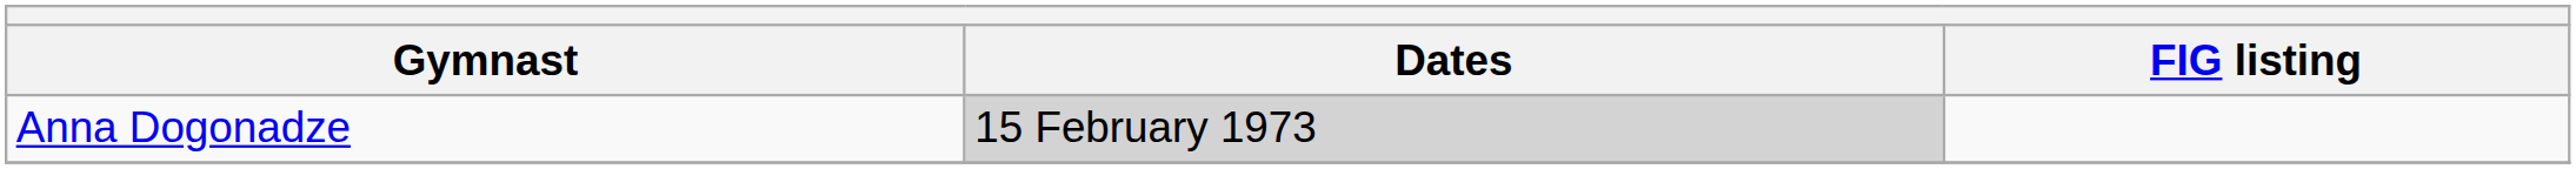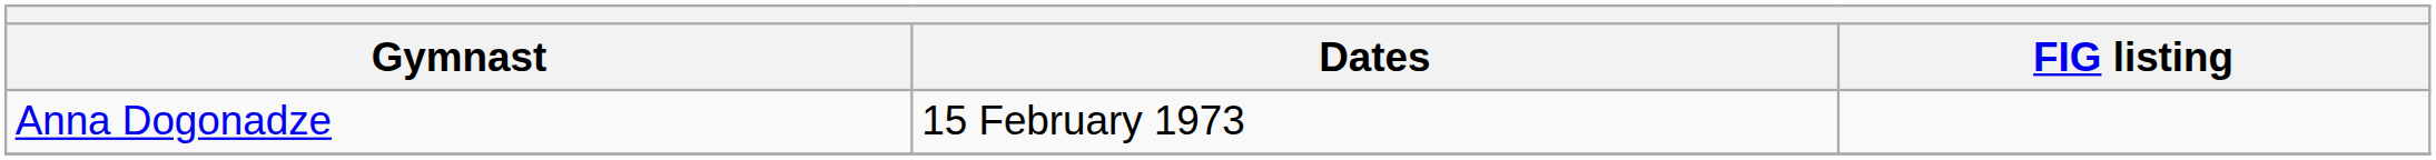 <table class="wikitable mw-collapsible mw-collapsed" width="75%">
 <tr>
 <th colspan="3"></th>
 </tr>
 <tr>
 <th>Gymnast</th>
 <th>Dates</th>
 <th><a href='#'>FIG</a> listing</th>
 </tr>
 <tr>
 <td><a href='#'>Anna Dogonadze</a></td>
-<td style="background: lightgrey;">15 February 1973</td>
+<td>15 February 1973</td>
 <td></td>
 </tr>
 <tr>
 </tr>
 </table>
